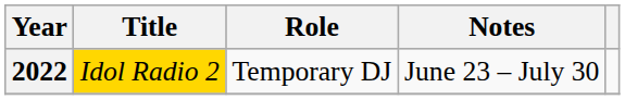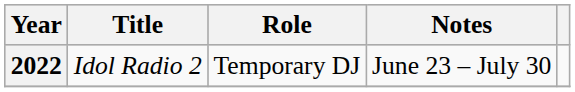 <table class="wikitable  plainrowheaders">
 <tr>
 <th scope="col">Year</th>
 <th scope="col">Title</th>
 <th scope="col">Role</th>
 <th scope="col">Notes</th>
 <th scope="col" class="unsortable"></th>
 </tr>
 <tr>
 <th scope="row">2022</th>
-<td style="background: gold;"><em>Idol Radio 2</em></td>
+<td><em>Idol Radio 2</em></td>
 <td>Temporary DJ</td>
 <td>June 23 – July 30</td>
 <td align=center></td>
 </tr>
 <tr>
 </tr>
 </table>
